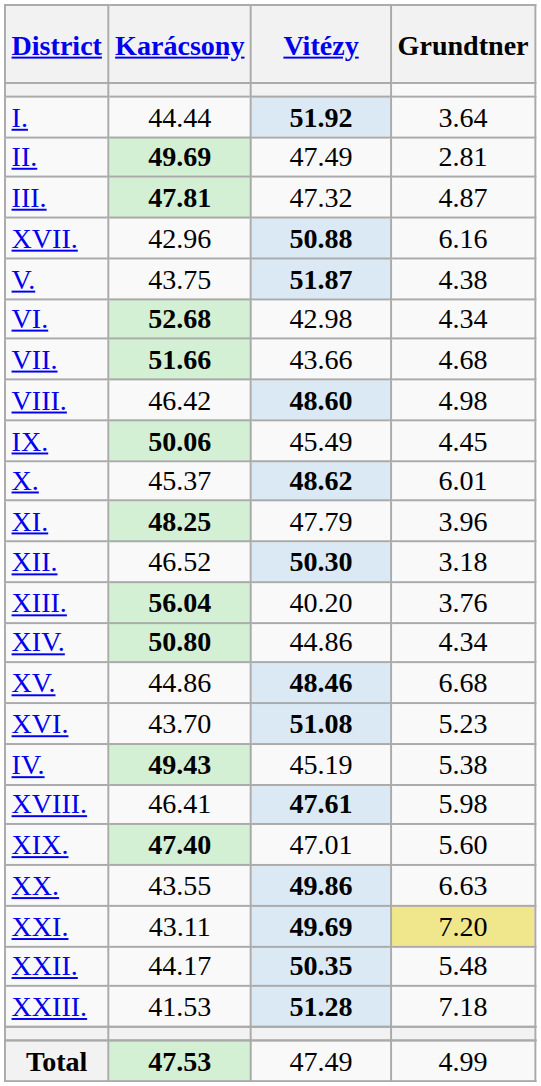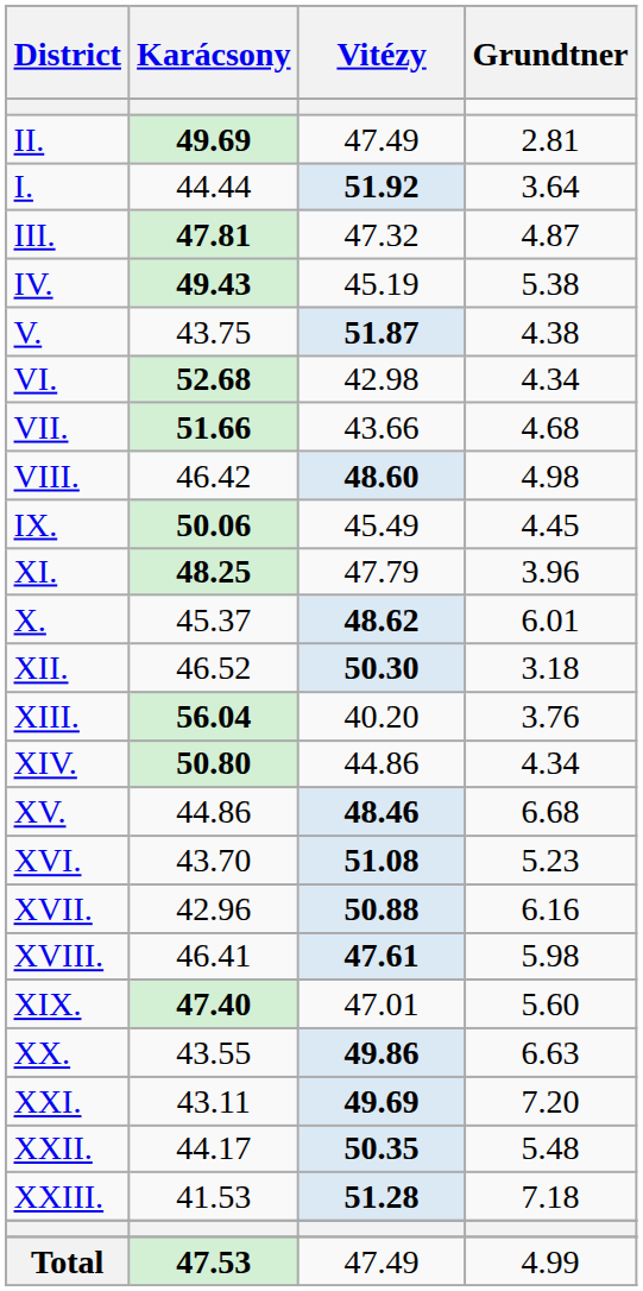 <table class="wikitable sortable" style="text-align:center;font-size:90%;line-height:14px">
 <tr style="height:40px;">
 <th style="width:30px;" rowspan="2"><a href='#'>District</a></th>
 <th style="width:65px;"><a href='#'>Karácsony</a></th>
 <th style="width:65px;"><a href='#'>Vitézy</a></th>
 <th style="width:65px;">Grundtner</th>
 </tr>
 <tr>
 </tr>
 <tr class="sorttop">
 <th style="background:"></th>
 <th style="background:"></th>
 <th style="background:"></th>
 </tr>
 <tr>
+<td align="left"><a href='#'>II.</a></td>
+<td bgcolor="#D3F0D4"><strong>49.69</strong></td>
+<td>47.49</td>
+<td>2.81</td>
+</tr>
+<tr>
 <td align="left"><a href='#'>I.</a></td>
 <td>44.44</td>
 <td style="background:#DBE9F4; width:40px;"><strong>51.92</strong></td>
 <td>3.64</td>
-</tr>
-<tr>
-<td align="left"><a href='#'>II.</a></td>
-<td bgcolor="#D3F0D4"><strong>49.69</strong></td>
-<td>47.49</td>
-<td>2.81</td>
 </tr>
 <tr>
 <td align="left"><a href='#'>III.</a></td>
 <td bgcolor="#D3F0D4"><strong>47.81</strong></td>
 <td>47.32</td>
 <td>4.87</td>
 </tr>
 <tr>
-<td align="left"><a href='#'>XVII.</a></td>
-<td>42.96</td>
-<td style="background:#DBE9F4; width:40px;"><strong>50.88</strong></td>
-<td>6.16</td>
+<td align="left"><a href='#'>IV.</a></td>
+<td bgcolor="#D3F0D4"><strong>49.43</strong></td>
+<td>45.19</td>
+<td>5.38</td>
 </tr>
 <tr>
 <td align="left"><a href='#'>V.</a></td>
 <td>43.75</td>
 <td style="background:#DBE9F4; width:40px;"><strong>51.87</strong></td>
 <td>4.38</td>
 </tr>
 <tr>
 <td align="left"><a href='#'>VI.</a></td>
 <td bgcolor="#D3F0D4"><strong>52.68</strong></td>
 <td>42.98</td>
 <td>4.34</td>
 </tr>
 <tr>
 <td align="left"><a href='#'>VII.</a></td>
 <td bgcolor="#D3F0D4"><strong>51.66</strong></td>
 <td>43.66</td>
 <td>4.68</td>
 </tr>
 <tr>
 <td align="left"><a href='#'>VIII.</a></td>
 <td>46.42</td>
 <td style="background:#DBE9F4; width:40px;"><strong>48.60</strong></td>
 <td>4.98</td>
 </tr>
 <tr>
 <td align="left"><a href='#'>IX.</a></td>
 <td bgcolor="#D3F0D4"><strong>50.06</strong></td>
 <td>45.49</td>
 <td>4.45</td>
 </tr>
 <tr>
+<td align="left"><a href='#'>XI.</a></td>
+<td bgcolor="#D3F0D4"><strong>48.25</strong></td>
+<td>47.79</td>
+<td>3.96</td>
+</tr>
+<tr>
 <td align="left"><a href='#'>X.</a></td>
 <td>45.37</td>
 <td style="background:#DBE9F4; width:40px;"><strong>48.62</strong></td>
 <td>6.01</td>
-</tr>
-<tr>
-<td align="left"><a href='#'>XI.</a></td>
-<td bgcolor="#D3F0D4"><strong>48.25</strong></td>
-<td>47.79</td>
-<td>3.96</td>
 </tr>
 <tr>
 <td align="left"><a href='#'>XII.</a></td>
 <td>46.52</td>
 <td style="background:#DBE9F4; width:40px;"><strong>50.30</strong></td>
 <td>3.18</td>
 </tr>
 <tr>
 <td align="left"><a href='#'>XIII.</a></td>
 <td bgcolor="#D3F0D4"><strong>56.04</strong></td>
 <td>40.20</td>
 <td>3.76</td>
 </tr>
 <tr>
 <td align="left"><a href='#'>XIV.</a></td>
 <td bgcolor="#D3F0D4"><strong>50.80</strong></td>
 <td>44.86</td>
 <td>4.34</td>
 </tr>
 <tr>
 <td align="left"><a href='#'>XV.</a></td>
 <td>44.86</td>
 <td style="background:#DBE9F4; width:40px;"><strong>48.46</strong></td>
 <td>6.68</td>
 </tr>
 <tr>
 <td align="left"><a href='#'>XVI.</a></td>
 <td>43.70</td>
 <td style="background:#DBE9F4; width:40px;"><strong>51.08</strong></td>
 <td>5.23</td>
 </tr>
 <tr>
-<td align="left"><a href='#'>IV.</a></td>
-<td bgcolor="#D3F0D4"><strong>49.43</strong></td>
-<td>45.19</td>
-<td>5.38</td>
+<td align="left"><a href='#'>XVII.</a></td>
+<td>42.96</td>
+<td style="background:#DBE9F4; width:40px;"><strong>50.88</strong></td>
+<td>6.16</td>
 </tr>
 <tr>
 <td align="left"><a href='#'>XVIII.</a></td>
 <td>46.41</td>
 <td style="background:#DBE9F4; width:40px;"><strong>47.61</strong></td>
 <td>5.98</td>
 </tr>
 <tr>
 <td align="left"><a href='#'>XIX.</a></td>
 <td bgcolor="#D3F0D4"><strong>47.40</strong></td>
 <td>47.01</td>
 <td>5.60</td>
 </tr>
 <tr>
 <td align="left"><a href='#'>XX.</a></td>
 <td>43.55</td>
 <td style="background:#DBE9F4; width:40px;"><strong>49.86</strong></td>
 <td>6.63</td>
 </tr>
 <tr>
 <td align="left"><a href='#'>XXI.</a></td>
 <td>43.11</td>
 <td style="background:#DBE9F4; width:40px;"><strong>49.69</strong></td>
-<td style="background: khaki;">7.20</td>
+<td>7.20</td>
 </tr>
 <tr>
 <td align="left"><a href='#'>XXII.</a></td>
 <td>44.17</td>
 <td style="background:#DBE9F4; width:40px;"><strong>50.35</strong></td>
 <td>5.48</td>
 </tr>
 <tr>
 <td align="left"><a href='#'>XXIII.</a></td>
 <td>41.53</td>
 <td style="background:#DBE9F4; width:40px;"><strong>51.28</strong></td>
 <td>7.18</td>
 </tr>
 <tr class=sortbottom>
 </tr>
 <tr>
 </tr>
 <tr class=sortbottom>
 <th></th>
 <th></th>
 <th></th>
 <th></th>
 </tr>
 <tr>
 </tr>
 <tr class=sortbottom>
 <th>Total</th>
 <td bgcolor="#D3F0D4"><strong>47.53</strong></td>
 <td>47.49</td>
 <td>4.99</td>
 </tr>
 <tr>
 </tr>
 </table>
